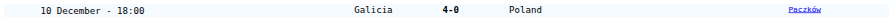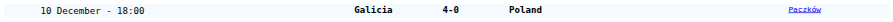 <table style="width: 100%; background:#F5FAFF;" cellspacing="0">
 <tr>
 <td align=center rowspan=3 width=20%>10 December - 18:00</td>
 </tr>
 <tr>
-<td width=24% align=right>Galicia</td>
+<td width=24% align=right><strong>Galicia</strong></td>
 <td align=center width=13%><strong>4-0</strong></td>
-<td width=24%>Poland</td>
+<td width=24%><strong>Poland</strong></td>
 <td style=font-size:85% rowspan=3 valign=top align=center><a href='#'>Paczków</a></td>
 </tr>
 <tr style=font-size:85%>
 <td align=right valign=top></td>
 <td></td>
 <td></td>
 </tr>
 </table>
